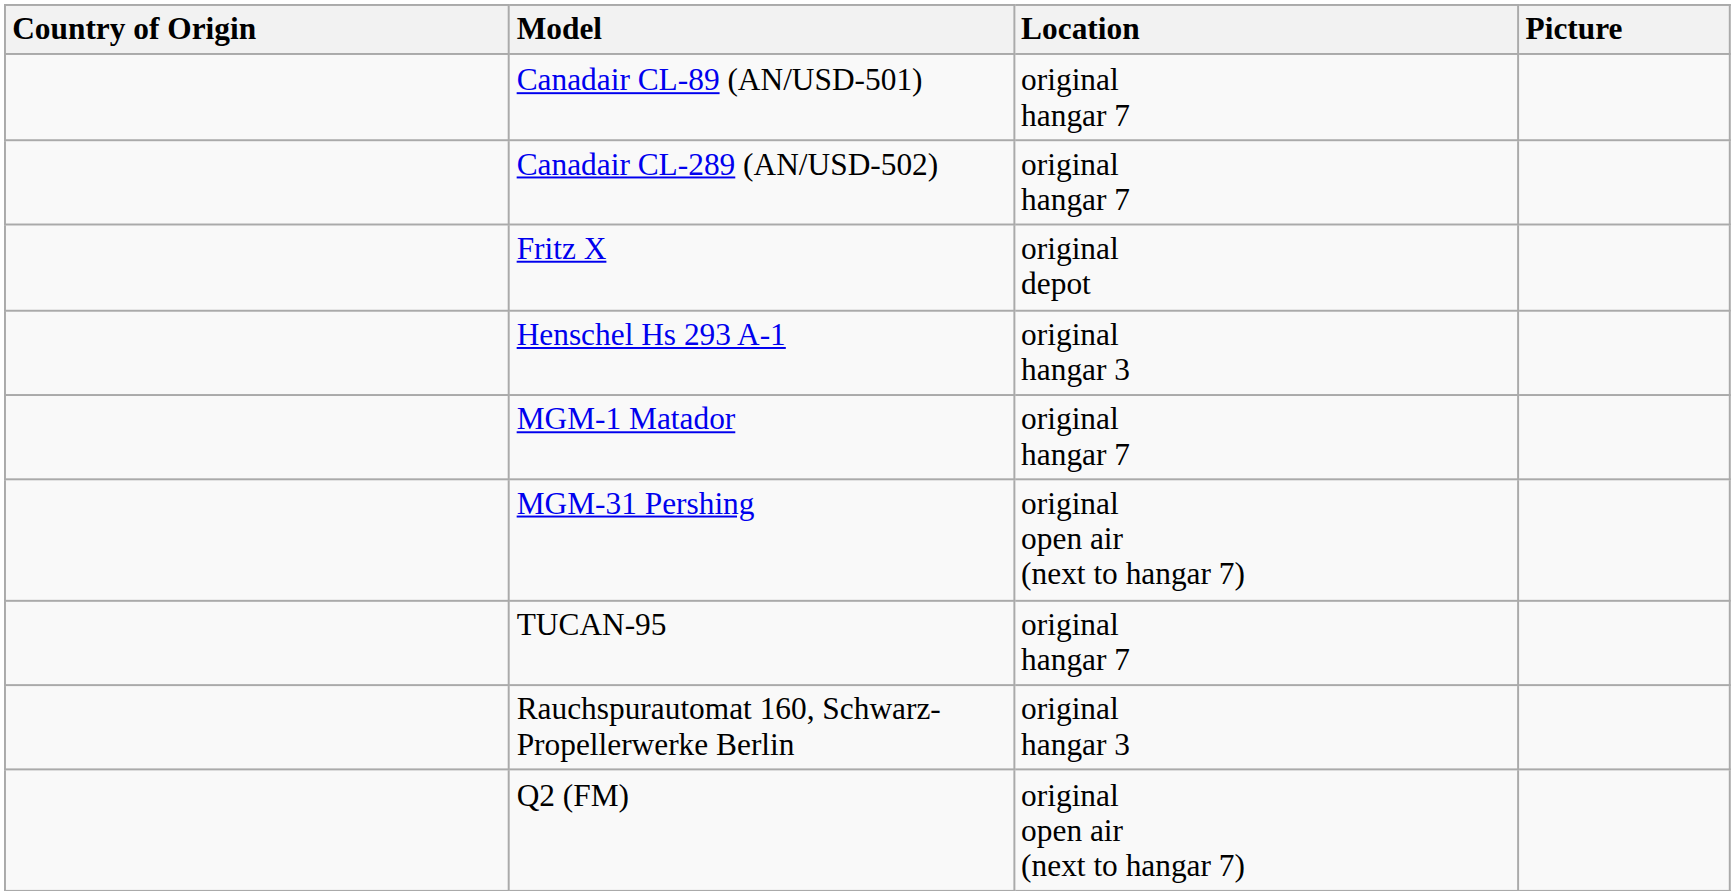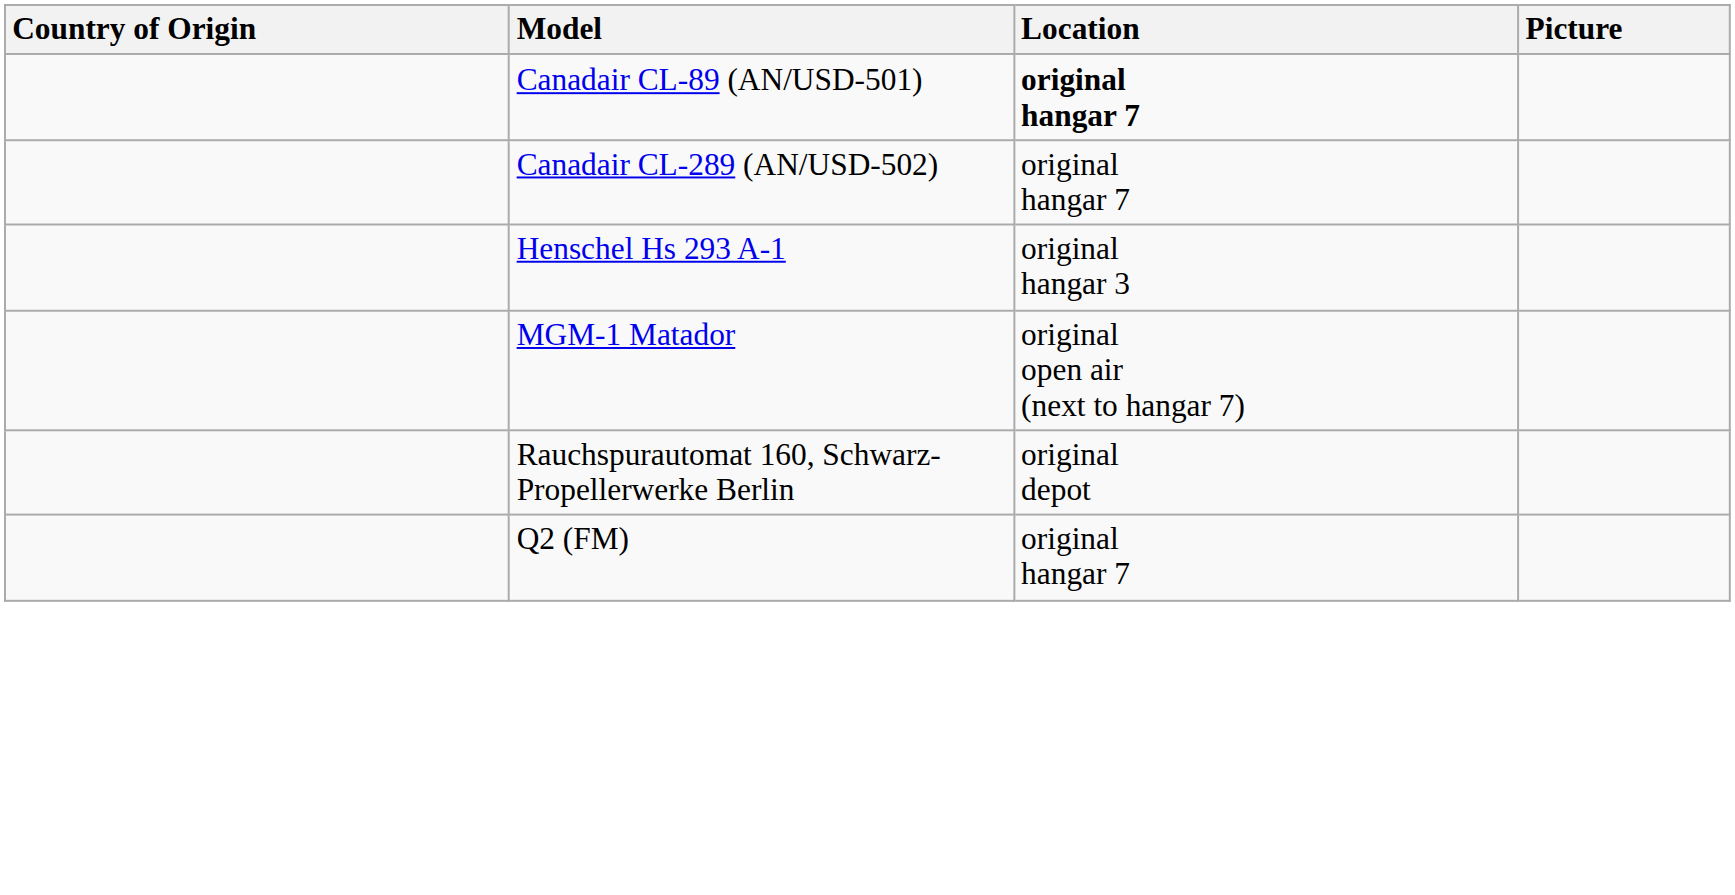 <table class="wikitable sortable">
 <tr>
 <th style="text-align:left" width=250px>Country of Origin</th>
 <th ! style="text-align:left" width=250px>Model</th>
 <th ! style="text-align:left" width=250px class="unsortable">Location</th>
 <th ! style="text-align:left" width=100px class="unsortable">Picture</th>
 </tr>
 <tr style="vertical-align:top">
 <td style="text-align:left"></td>
 <td style="text-align:left"><a href='#'>Canadair CL-89</a> (AN/USD-501)</td>
-<td style="text-align:left">original<br>hangar 7</td>
+<td style="text-align:left"><strong>original<br>hangar 7</strong></td>
 <td style="text-align:left"></td>
 </tr>
 <tr style="vertical-align:top">
 <td style="text-align:left"></td>
 <td style="text-align:left"><a href='#'>Canadair CL-289</a> (AN/USD-502)</td>
 <td style="text-align:left">original<br>hangar 7</td>
-<td style="text-align:left"></td>
-</tr>
-<tr style="vertical-align:top">
-<td style="text-align:left"></td>
-<td style="text-align:left"><a href='#'>Fritz X</a></td>
-<td style="text-align:left">original<br>depot</td>
 <td style="text-align:left"></td>
 </tr>
 <tr style="vertical-align:top">
 <td style="text-align:left"></td>
 <td style="text-align:left"><a href='#'>Henschel Hs 293 A-1</a></td>
 <td style="text-align:left">original<br>hangar 3</td>
 <td style="text-align:left"></td>
 </tr>
 <tr style="vertical-align:top">
 <td style="text-align:left"><br></td>
 <td style="text-align:left"><a href='#'>MGM-1 Matador</a></td>
-<td style="text-align:left">original<br>hangar 7</td>
-<td style="text-align:left"></td>
-</tr>
-<tr style="vertical-align:top">
-<td style="text-align:left"></td>
-<td style="text-align:left"><a href='#'>MGM-31 Pershing</a></td>
 <td style="text-align:left">original<br>open air<br>(next to hangar 7)</td>
 <td style="text-align:left"></td>
 </tr>
 <tr style="vertical-align:top">
 <td style="text-align:left"></td>
-<td style="text-align:left">TUCAN-95</td>
-<td style="text-align:left">original<br>hangar 7</td>
-<td style="text-align:left"></td>
-</tr>
-<tr style="vertical-align:top">
-<td style="text-align:left"></td>
 <td style="text-align:left">Rauchspurautomat 160, Schwarz-Propellerwerke Berlin</td>
-<td style="text-align:left">original<br>hangar 3</td>
+<td style="text-align:left">original<br>depot</td>
 <td style="text-align:left"></td>
 </tr>
 <tr style="vertical-align:top">
 <td style="text-align:left"></td>
 <td style="text-align:left">Q2 (FM)</td>
-<td style="text-align:left">original<br>open air<br>(next to hangar 7)</td>
+<td style="text-align:left">original<br>hangar 7</td>
 <td style="text-align:left"></td>
 </tr>
 </table>
